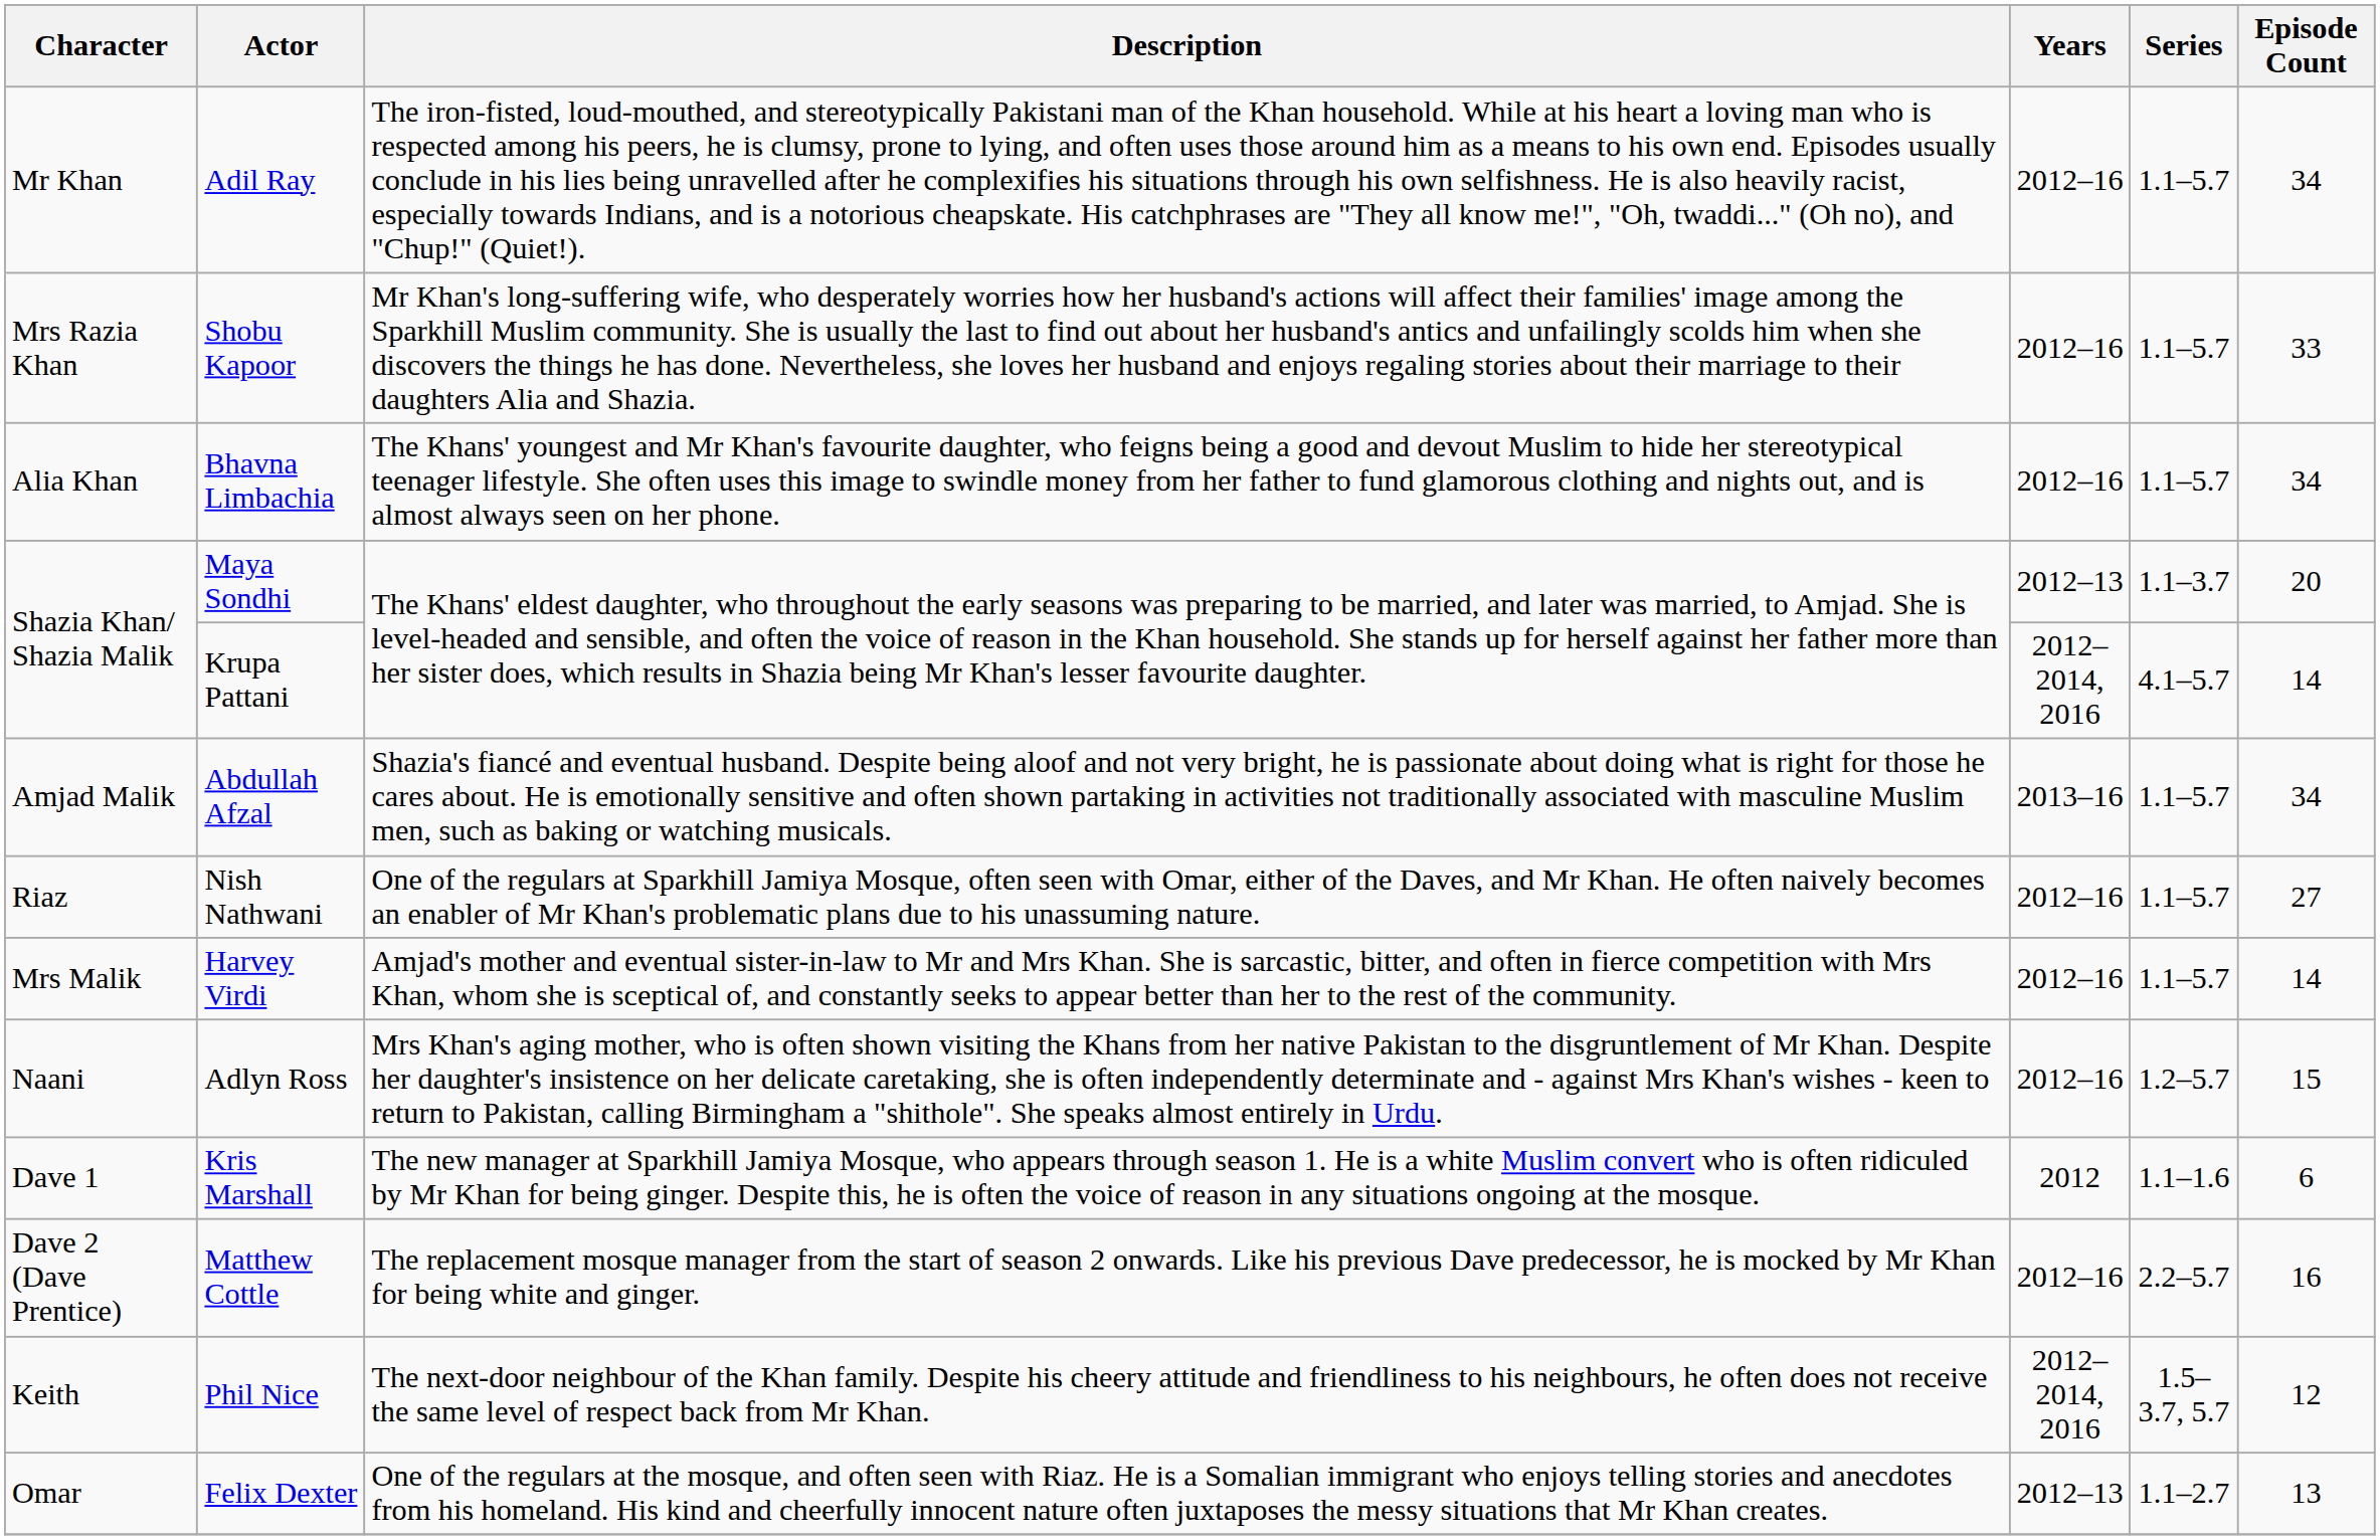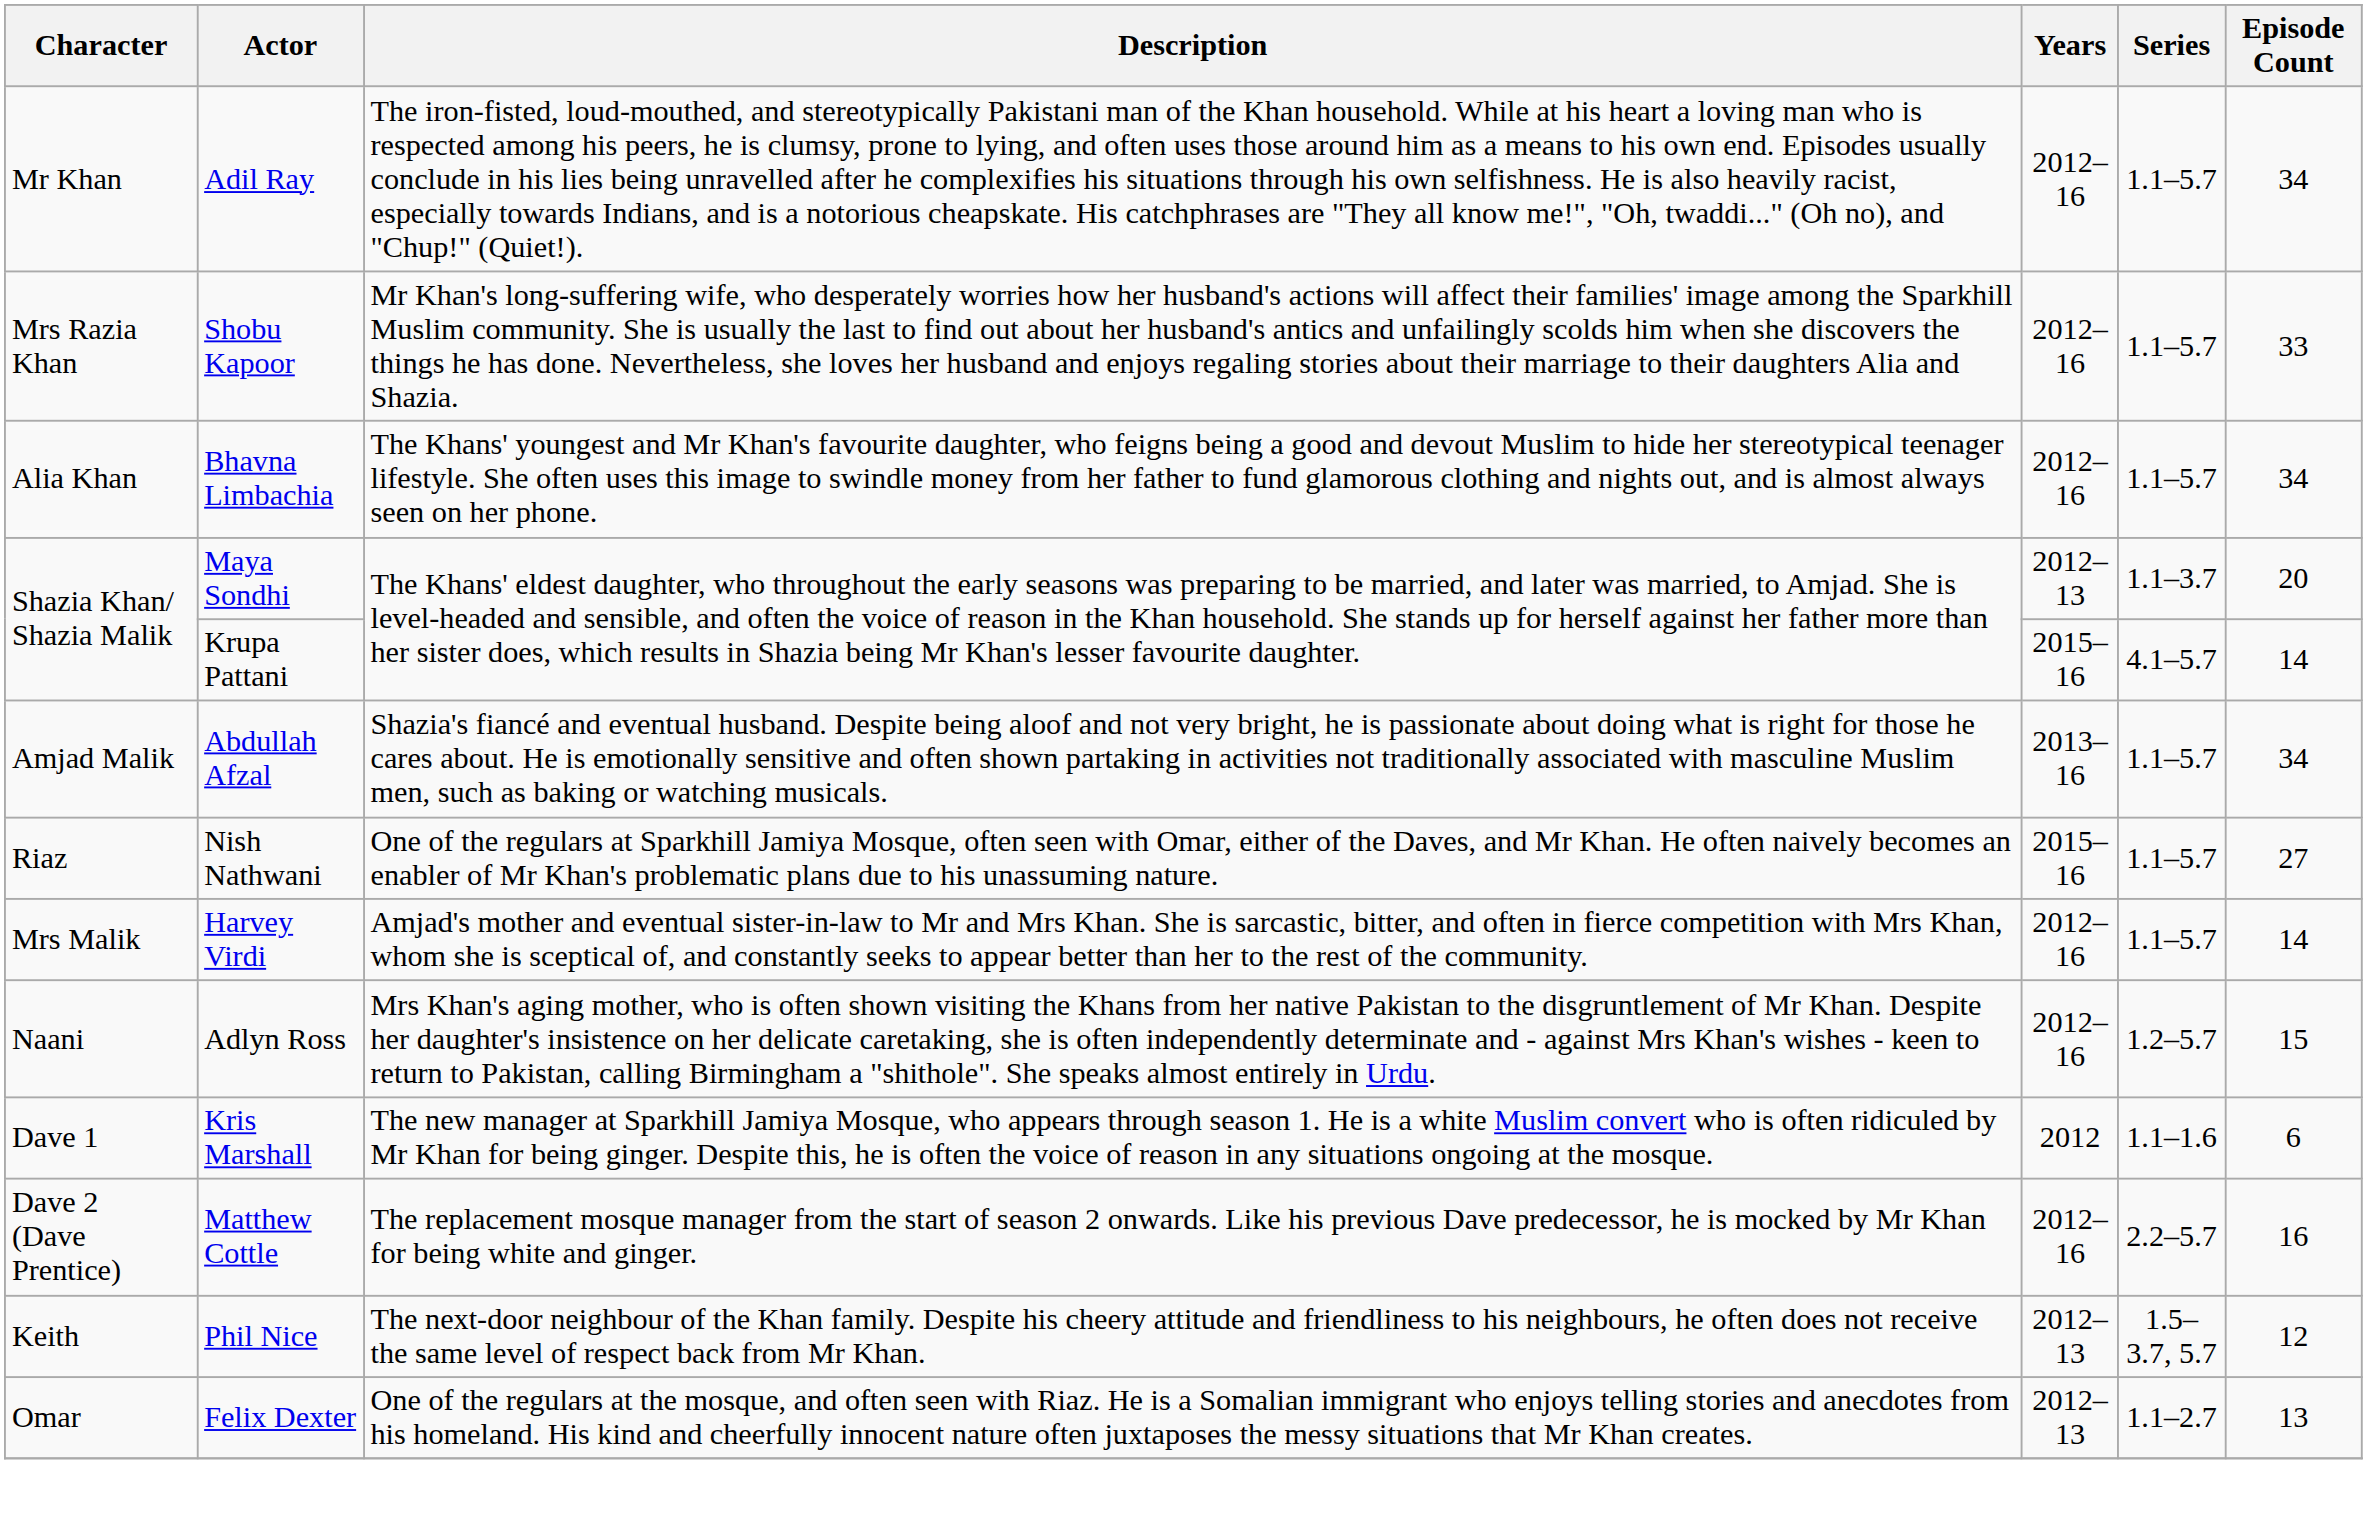 <table class="wikitable sortable">
 <tr>
 <th>Character</th>
 <th>Actor</th>
 <th>Description</th>
 <th>Years</th>
 <th>Series</th>
 <th>Episode Count</th>
 </tr>
 <tr>
 <td style="text-align:left">Mr Khan</td>
 <td style="text-align:left"><a href='#'>Adil Ray</a></td>
 <td style="text-align:left">The iron-fisted, loud-mouthed, and stereotypically Pakistani man of the Khan household. While at his heart a loving man who is respected among his peers, he is clumsy, prone to lying, and often uses those around him as a means to his own end. Episodes usually conclude in his lies being unravelled after he complexifies his situations through his own selfishness. He is also heavily racist, especially towards Indians, and is a notorious cheapskate. His catchphrases are "They all know me!", "Oh, twaddi..." (Oh no), and "Chup!" (Quiet!).</td>
 <td style="text-align:center">2012–16</td>
 <td style="text-align:center">1.1–5.7</td>
 <td style="text-align:center">34</td>
 </tr>
 <tr>
 <td style="text-align:left">Mrs Razia Khan</td>
 <td style="text-align:left"><a href='#'>Shobu Kapoor</a></td>
 <td style="text-align:left">Mr Khan's long-suffering wife, who desperately worries how her husband's actions will affect their families' image among the Sparkhill Muslim community. She is usually the last to find out about her husband's antics and unfailingly scolds him when she discovers the things he has done. Nevertheless, she loves her husband and enjoys regaling stories about their marriage to their daughters Alia and Shazia.</td>
 <td style="text-align:center">2012–16</td>
 <td style="text-align:center">1.1–5.7</td>
 <td style="text-align:center">33</td>
 </tr>
 <tr>
 <td style="text-align:left">Alia Khan</td>
 <td style="text-align:left"><a href='#'>Bhavna Limbachia</a></td>
 <td style="text-align:left">The Khans' youngest and Mr Khan's favourite daughter, who feigns being a good and devout Muslim to hide her stereotypical teenager lifestyle. She often uses this image to swindle money from her father to fund glamorous clothing and nights out, and is almost always seen on her phone.</td>
 <td style="text-align:center">2012–16</td>
 <td style="text-align:center">1.1–5.7</td>
 <td style="text-align:center">34</td>
 </tr>
 <tr>
 <td rowspan =2 style="text-align:left">Shazia Khan/ Shazia Malik</td>
 <td><a href='#'>Maya Sondhi</a></td>
 <td rowspan =2 style="text-align:left">The Khans' eldest daughter, who throughout the early seasons was preparing to be married, and later was married, to Amjad. She is level-headed and sensible, and often the voice of reason in the Khan household. She stands up for herself against her father more than her sister does, which results in Shazia being Mr Khan's lesser favourite daughter.</td>
 <td style="text-align:center">2012–13</td>
 <td style="text-align:center">1.1–3.7</td>
 <td style="text-align:center">20</td>
 </tr>
 <tr>
 <td>Krupa Pattani</td>
-<td style="text-align:center">2012–2014, 2016</td>
+<td style="text-align:center">2015–16</td>
 <td style="text-align:center">4.1–5.7</td>
 <td style="text-align:center">14</td>
 </tr>
 <tr>
 <td style="text-align:left">Amjad Malik</td>
 <td style="text-align:left"><a href='#'>Abdullah Afzal</a></td>
 <td style="text-align:left">Shazia's fiancé and eventual husband. Despite being aloof and not very bright, he is passionate about doing what is right for those he cares about. He is emotionally sensitive and often shown partaking in activities not traditionally associated with masculine Muslim men, such as baking or watching musicals.</td>
 <td style="text-align:center">2013–16</td>
 <td style="text-align:center">1.1–5.7</td>
 <td style="text-align:center">34</td>
 </tr>
 <tr>
 <td style="text-align:left">Riaz</td>
 <td style="text-align:left">Nish Nathwani</td>
 <td style="text-align:left">One of the regulars at Sparkhill Jamiya Mosque, often seen with Omar, either of the Daves, and Mr Khan. He often naively becomes an enabler of Mr Khan's problematic plans due to his unassuming nature.</td>
-<td style="text-align:center">2012–16</td>
+<td style="text-align:center">2015–16</td>
 <td style="text-align:center">1.1–5.7</td>
 <td style="text-align:center">27</td>
 </tr>
 <tr>
 <td style="text-align:left">Mrs Malik</td>
 <td style="text-align:left"><a href='#'>Harvey Virdi</a></td>
 <td style="text-align:left">Amjad's mother and eventual sister-in-law to Mr and Mrs Khan. She is sarcastic, bitter, and often in fierce competition with Mrs Khan, whom she is sceptical of, and constantly seeks to appear better than her to the rest of the community.</td>
 <td style="text-align:center">2012–16</td>
 <td style="text-align:center">1.1–5.7</td>
 <td style="text-align:center">14</td>
 </tr>
 <tr>
 <td style="text-align:left">Naani</td>
 <td style="text-align:left">Adlyn Ross</td>
 <td style="text-align:left">Mrs Khan's aging mother, who is often shown visiting the Khans from her native Pakistan to the disgruntlement of Mr Khan. Despite her daughter's insistence on her delicate caretaking, she is often independently determinate and - against Mrs Khan's wishes - keen to return to Pakistan, calling Birmingham a "shithole". She speaks almost entirely in <a href='#'>Urdu</a>.</td>
 <td style="text-align:center">2012–16</td>
 <td style="text-align:center">1.2–5.7</td>
 <td style="text-align:center">15</td>
 </tr>
 <tr>
 <td style="text-algin:center">Dave 1</td>
 <td style="text-align:left"><a href='#'>Kris Marshall</a></td>
 <td style="text-align:left">The new manager at Sparkhill Jamiya Mosque, who appears through season 1. He is a white <a href='#'>Muslim convert</a> who is often ridiculed by Mr Khan for being ginger. Despite this, he is often the voice of reason in any situations ongoing at the mosque.</td>
 <td style="text-align:center">2012</td>
 <td style="text-align:center">1.1–1.6</td>
 <td style="text-align:center">6</td>
 </tr>
 <tr>
 <td style="text-algin:center">Dave 2<br>(Dave Prentice)</td>
 <td style="text-align:left"><a href='#'>Matthew Cottle</a></td>
 <td style="text-align:left">The replacement mosque manager from the start of season 2 onwards. Like his previous Dave predecessor, he is mocked by Mr Khan for being white and ginger.</td>
 <td style="text-align:center">2012–16</td>
 <td style="text-align:center">2.2–5.7</td>
 <td style="text-align:center">16</td>
 </tr>
 <tr>
 <td style="text-align:left">Keith</td>
 <td style="text-align:left"><a href='#'>Phil Nice</a></td>
 <td style="text-align:left">The next-door neighbour of the Khan family. Despite his cheery attitude and friendliness to his neighbours, he often does not receive the same level of respect back from Mr Khan.</td>
-<td style="text-align:center">2012–2014, 2016</td>
+<td style="text-align:center">2012–13</td>
 <td style="text-align:center">1.5–3.7, 5.7</td>
 <td style="text-align:center">12</td>
 </tr>
 <tr>
 <td style="text-align:left">Omar</td>
 <td style="text-align:left"><a href='#'>Felix Dexter</a></td>
 <td style="text-align:left">One of the regulars at the mosque, and often seen with Riaz. He is a Somalian immigrant who enjoys telling stories and anecdotes from his homeland. His kind and cheerfully innocent nature often juxtaposes the messy situations that Mr Khan creates.</td>
 <td style="text-align:center">2012–13</td>
 <td style="text-align:center">1.1–2.7</td>
 <td style="text-align:center">13</td>
 </tr>
 <tr>
 </tr>
 </table>
